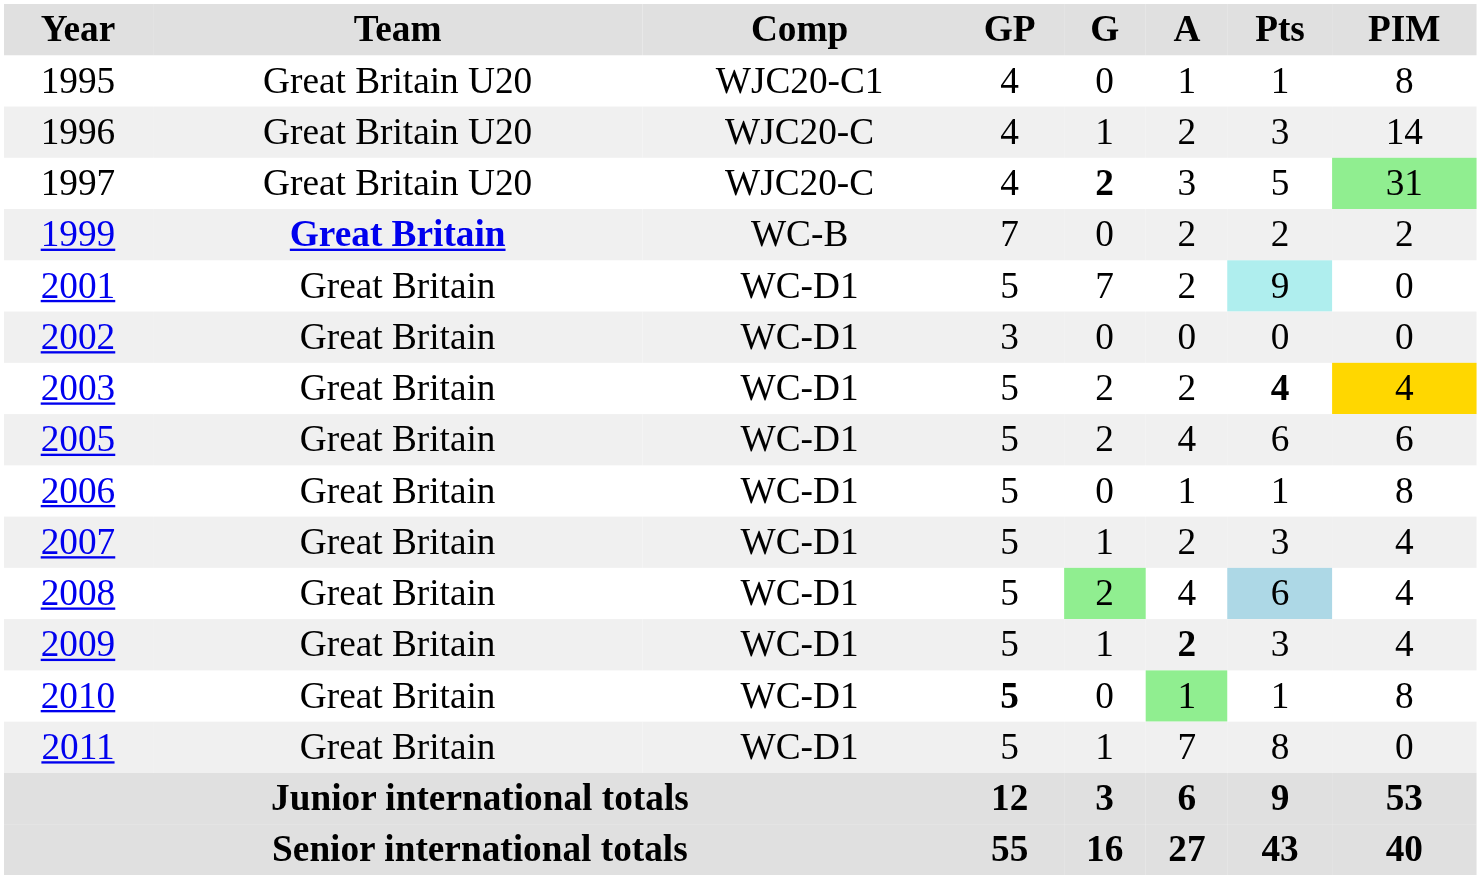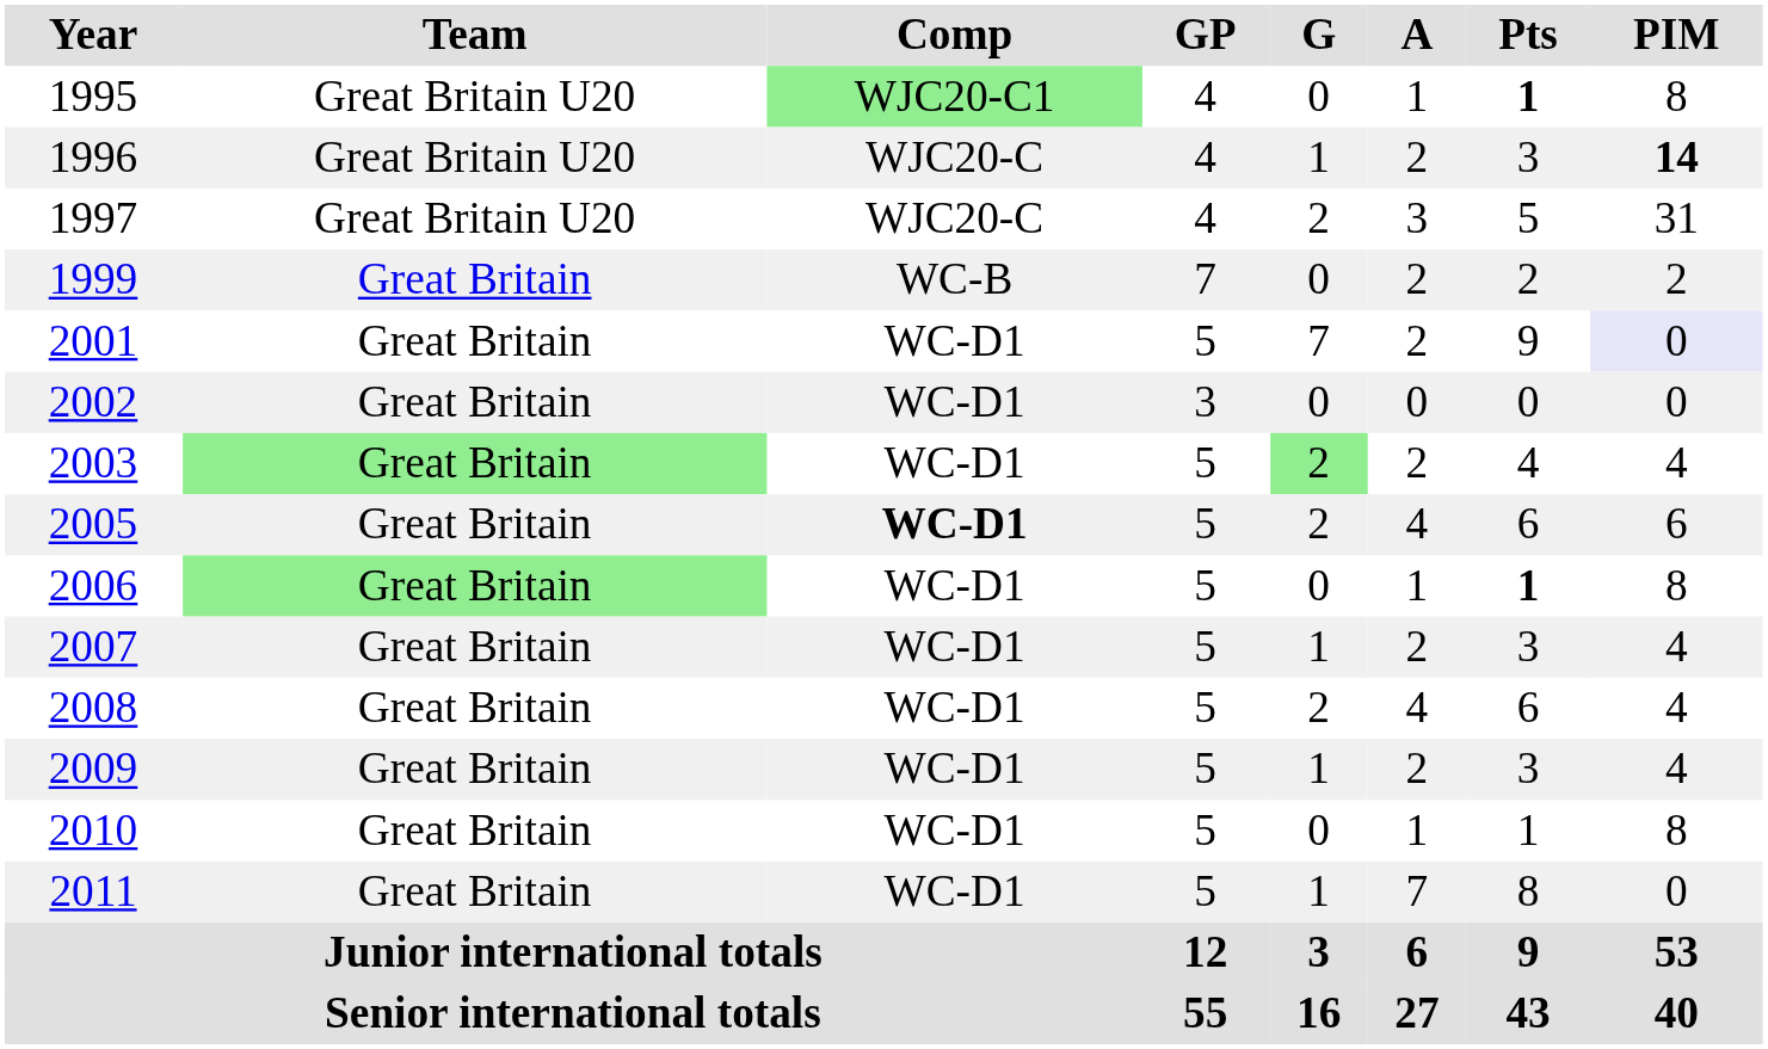 <table border="0" cellpadding="2" cellspacing="0" style="width:50%;">
 <tr style="text-align:center; background:#e0e0e0;">
 <th>Year</th>
 <th>Team</th>
 <th>Comp</th>
 <th>GP</th>
 <th>G</th>
 <th>A</th>
 <th>Pts</th>
 <th>PIM</th>
 </tr>
 <tr style="text-align:center;">
 <td>1995</td>
 <td>Great Britain U20</td>
-<td>WJC20-C1</td>
+<td style="background: lightgreen;">WJC20-C1</td>
 <td>4</td>
 <td>0</td>
 <td>1</td>
-<td>1</td>
+<td><strong>1</strong></td>
 <td>8</td>
 </tr>
 <tr style="text-align:center; background:#f0f0f0;">
 <td>1996</td>
 <td>Great Britain U20</td>
 <td>WJC20-C</td>
 <td>4</td>
 <td>1</td>
 <td>2</td>
 <td>3</td>
-<td>14</td>
+<td><strong>14</strong></td>
 </tr>
 <tr style="text-align:center;">
 <td>1997</td>
 <td>Great Britain U20</td>
 <td>WJC20-C</td>
 <td>4</td>
-<td><strong>2</strong></td>
+<td>2</td>
 <td>3</td>
 <td>5</td>
-<td style="background: lightgreen;">31</td>
+<td>31</td>
 </tr>
 <tr style="text-align:center; background:#f0f0f0;">
 <td><a href='#'>1999</a></td>
-<td><strong><a href='#'>Great Britain</a></strong></td>
+<td><a href='#'>Great Britain</a></td>
 <td>WC-B</td>
 <td>7</td>
 <td>0</td>
 <td>2</td>
 <td>2</td>
 <td>2</td>
 </tr>
 <tr style="text-align:center;">
 <td><a href='#'>2001</a></td>
 <td>Great Britain</td>
 <td>WC-D1</td>
 <td>5</td>
 <td>7</td>
 <td>2</td>
-<td style="background: paleturquoise;">9</td>
-<td>0</td>
+<td>9</td>
+<td style="background: lavender;">0</td>
 </tr>
 <tr style="text-align:center; background:#f0f0f0;">
 <td><a href='#'>2002</a></td>
 <td>Great Britain</td>
 <td>WC-D1</td>
 <td>3</td>
 <td>0</td>
 <td>0</td>
 <td>0</td>
 <td>0</td>
 </tr>
 <tr style="text-align:center;">
 <td><a href='#'>2003</a></td>
-<td>Great Britain</td>
+<td style="background: lightgreen;">Great Britain</td>
 <td>WC-D1</td>
 <td>5</td>
+<td style="background: lightgreen;">2</td>
 <td>2</td>
-<td>2</td>
-<td><strong>4</strong></td>
-<td style="background: gold;">4</td>
+<td>4</td>
+<td>4</td>
 </tr>
 <tr style="text-align:center; background:#f0f0f0;">
 <td><a href='#'>2005</a></td>
 <td>Great Britain</td>
-<td>WC-D1</td>
+<td><strong>WC-D1</strong></td>
 <td>5</td>
 <td>2</td>
 <td>4</td>
 <td>6</td>
 <td>6</td>
 </tr>
 <tr style="text-align:center;">
 <td><a href='#'>2006</a></td>
-<td>Great Britain</td>
+<td style="background: lightgreen;">Great Britain</td>
 <td>WC-D1</td>
 <td>5</td>
 <td>0</td>
 <td>1</td>
-<td>1</td>
+<td><strong>1</strong></td>
 <td>8</td>
 </tr>
 <tr style="text-align:center; background:#f0f0f0;">
 <td><a href='#'>2007</a></td>
 <td>Great Britain</td>
 <td>WC-D1</td>
 <td>5</td>
 <td>1</td>
 <td>2</td>
 <td>3</td>
 <td>4</td>
 </tr>
 <tr style="text-align:center;">
 <td><a href='#'>2008</a></td>
 <td>Great Britain</td>
 <td>WC-D1</td>
 <td>5</td>
-<td style="background: lightgreen;">2</td>
+<td>2</td>
 <td>4</td>
-<td style="background: lightblue;">6</td>
+<td>6</td>
 <td>4</td>
 </tr>
 <tr style="text-align:center; background:#f0f0f0;">
 <td><a href='#'>2009</a></td>
 <td>Great Britain</td>
 <td>WC-D1</td>
 <td>5</td>
 <td>1</td>
-<td><strong>2</strong></td>
+<td>2</td>
 <td>3</td>
 <td>4</td>
 </tr>
 <tr style="text-align:center;">
 <td><a href='#'>2010</a></td>
 <td>Great Britain</td>
 <td>WC-D1</td>
-<td><strong>5</strong></td>
+<td>5</td>
 <td>0</td>
-<td style="background: lightgreen;">1</td>
+<td>1</td>
 <td>1</td>
 <td>8</td>
 </tr>
 <tr style="text-align:center; background:#f0f0f0;">
 <td><a href='#'>2011</a></td>
 <td>Great Britain</td>
 <td>WC-D1</td>
 <td>5</td>
 <td>1</td>
 <td>7</td>
 <td>8</td>
 <td>0</td>
 </tr>
 <tr style="text-align:center; background:#e0e0e0;">
 <th colspan="3">Junior international totals</th>
 <th style="text-align:center;">12</th>
 <th style="text-align:center;">3</th>
 <th style="text-align:center;">6</th>
 <th style="text-align:center;">9</th>
 <th style="text-align:center;">53</th>
 </tr>
 <tr style="text-align:center; background:#e0e0e0;">
 <th colspan="3">Senior international totals</th>
 <th style="text-align:center;">55</th>
 <th style="text-align:center;">16</th>
 <th style="text-align:center;">27</th>
 <th style="text-align:center;">43</th>
 <th style="text-align:center;">40</th>
 </tr>
 </table>
